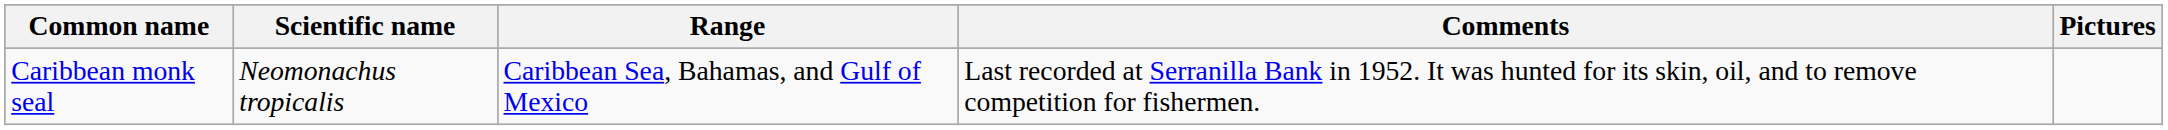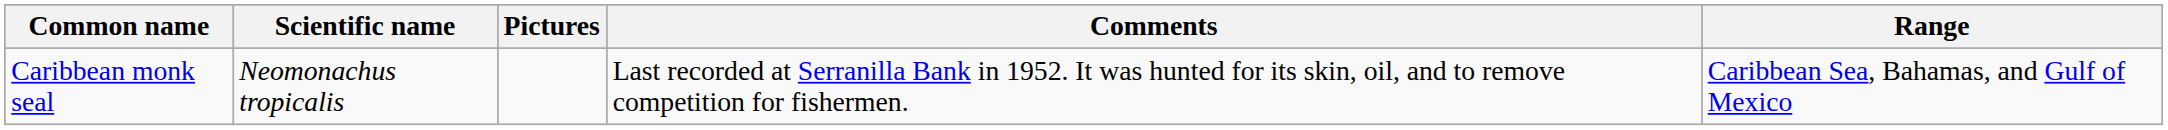 <table class="wikitable">
 <tr>
 <th>Common name</th>
 <th>Scientific name</th>
+<th class="unsortable">Pictures</th>
+<th class="unsortable">Comments</th>
 <th>Range</th>
-<th class="unsortable">Comments</th>
-<th class="unsortable">Pictures</th>
 </tr>
 <tr>
 <td><a href='#'>Caribbean monk seal</a></td>
 <td><em>Neomonachus tropicalis</em></td>
+<td></td>
+<td>Last recorded at <a href='#'>Serranilla Bank</a> in 1952. It was hunted for its skin, oil, and to remove competition for fishermen.</td>
 <td><a href='#'>Caribbean Sea</a>, Bahamas, and <a href='#'>Gulf of Mexico</a></td>
-<td>Last recorded at <a href='#'>Serranilla Bank</a> in 1952. It was hunted for its skin, oil, and to remove competition for fishermen.</td>
-<td></td>
 </tr>
 </table>
